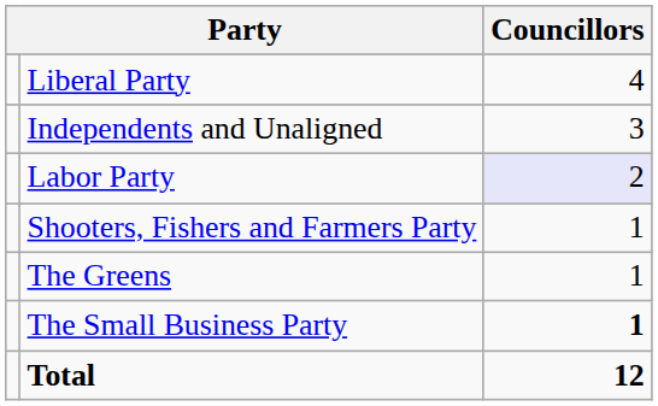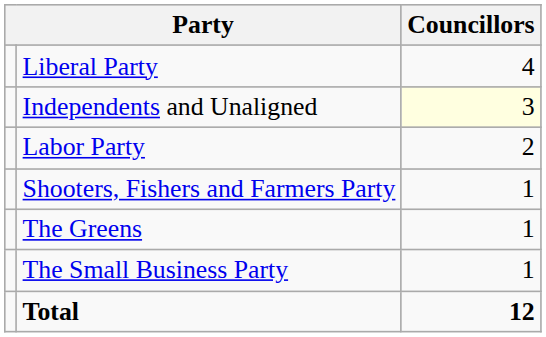 <table class="wikitable">
 <tr>
 <th colspan="2">Party</th>
 <th>Councillors</th>
 </tr>
 <tr>
 <td></td>
 <td><a href='#'>Liberal Party</a></td>
 <td align=right>4</td>
 </tr>
 <tr>
 <td></td>
 <td><a href='#'>Independents</a> and Unaligned</td>
-<td align=right>3</td>
+<td align=right style="background: lightyellow;">3</td>
 </tr>
 <tr>
 <td></td>
 <td><a href='#'>Labor Party</a></td>
-<td align=right style="background: lavender;">2</td>
+<td align=right>2</td>
 </tr>
 <tr>
 <td></td>
 <td><a href='#'>Shooters, Fishers and Farmers Party</a></td>
 <td align=right>1</td>
 </tr>
 <tr>
 <td></td>
 <td><a href='#'>The Greens</a></td>
 <td align=right>1</td>
 </tr>
 <tr>
 <td></td>
 <td><a href='#'>The Small Business Party</a></td>
-<td align=right><strong>1</strong></td>
+<td align=right>1</td>
 </tr>
 <tr>
 <td></td>
 <td><strong>Total</strong></td>
 <td align=right><strong>12</strong></td>
 </tr>
 </table>
